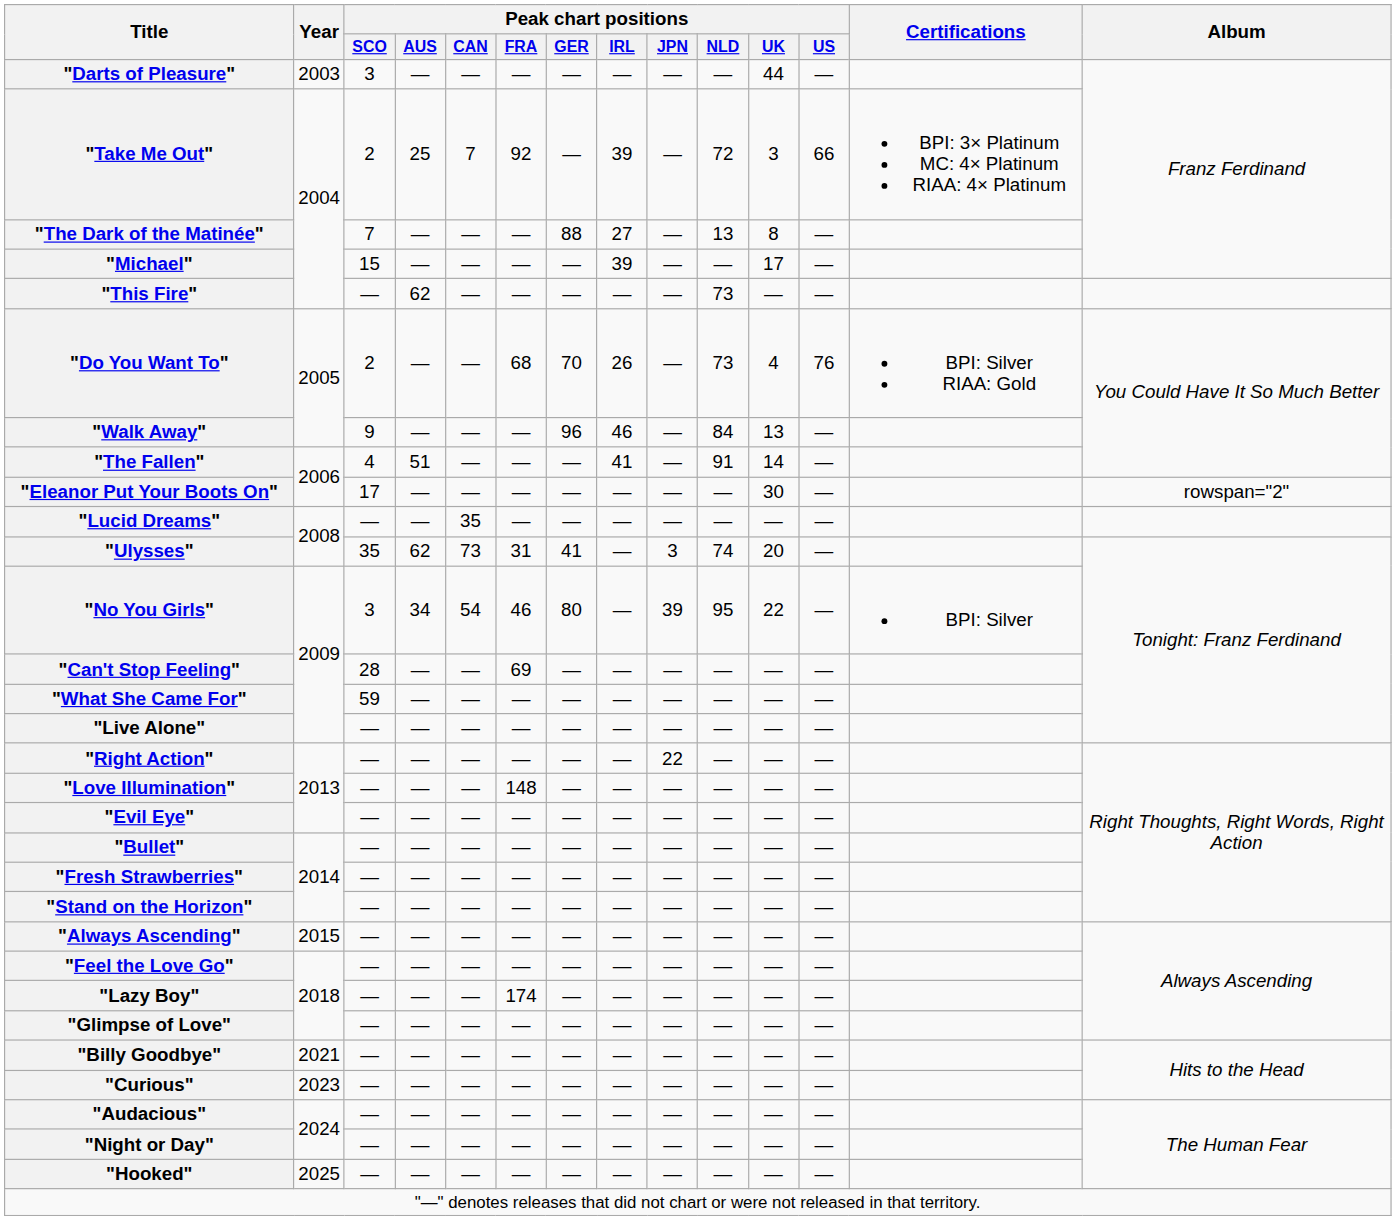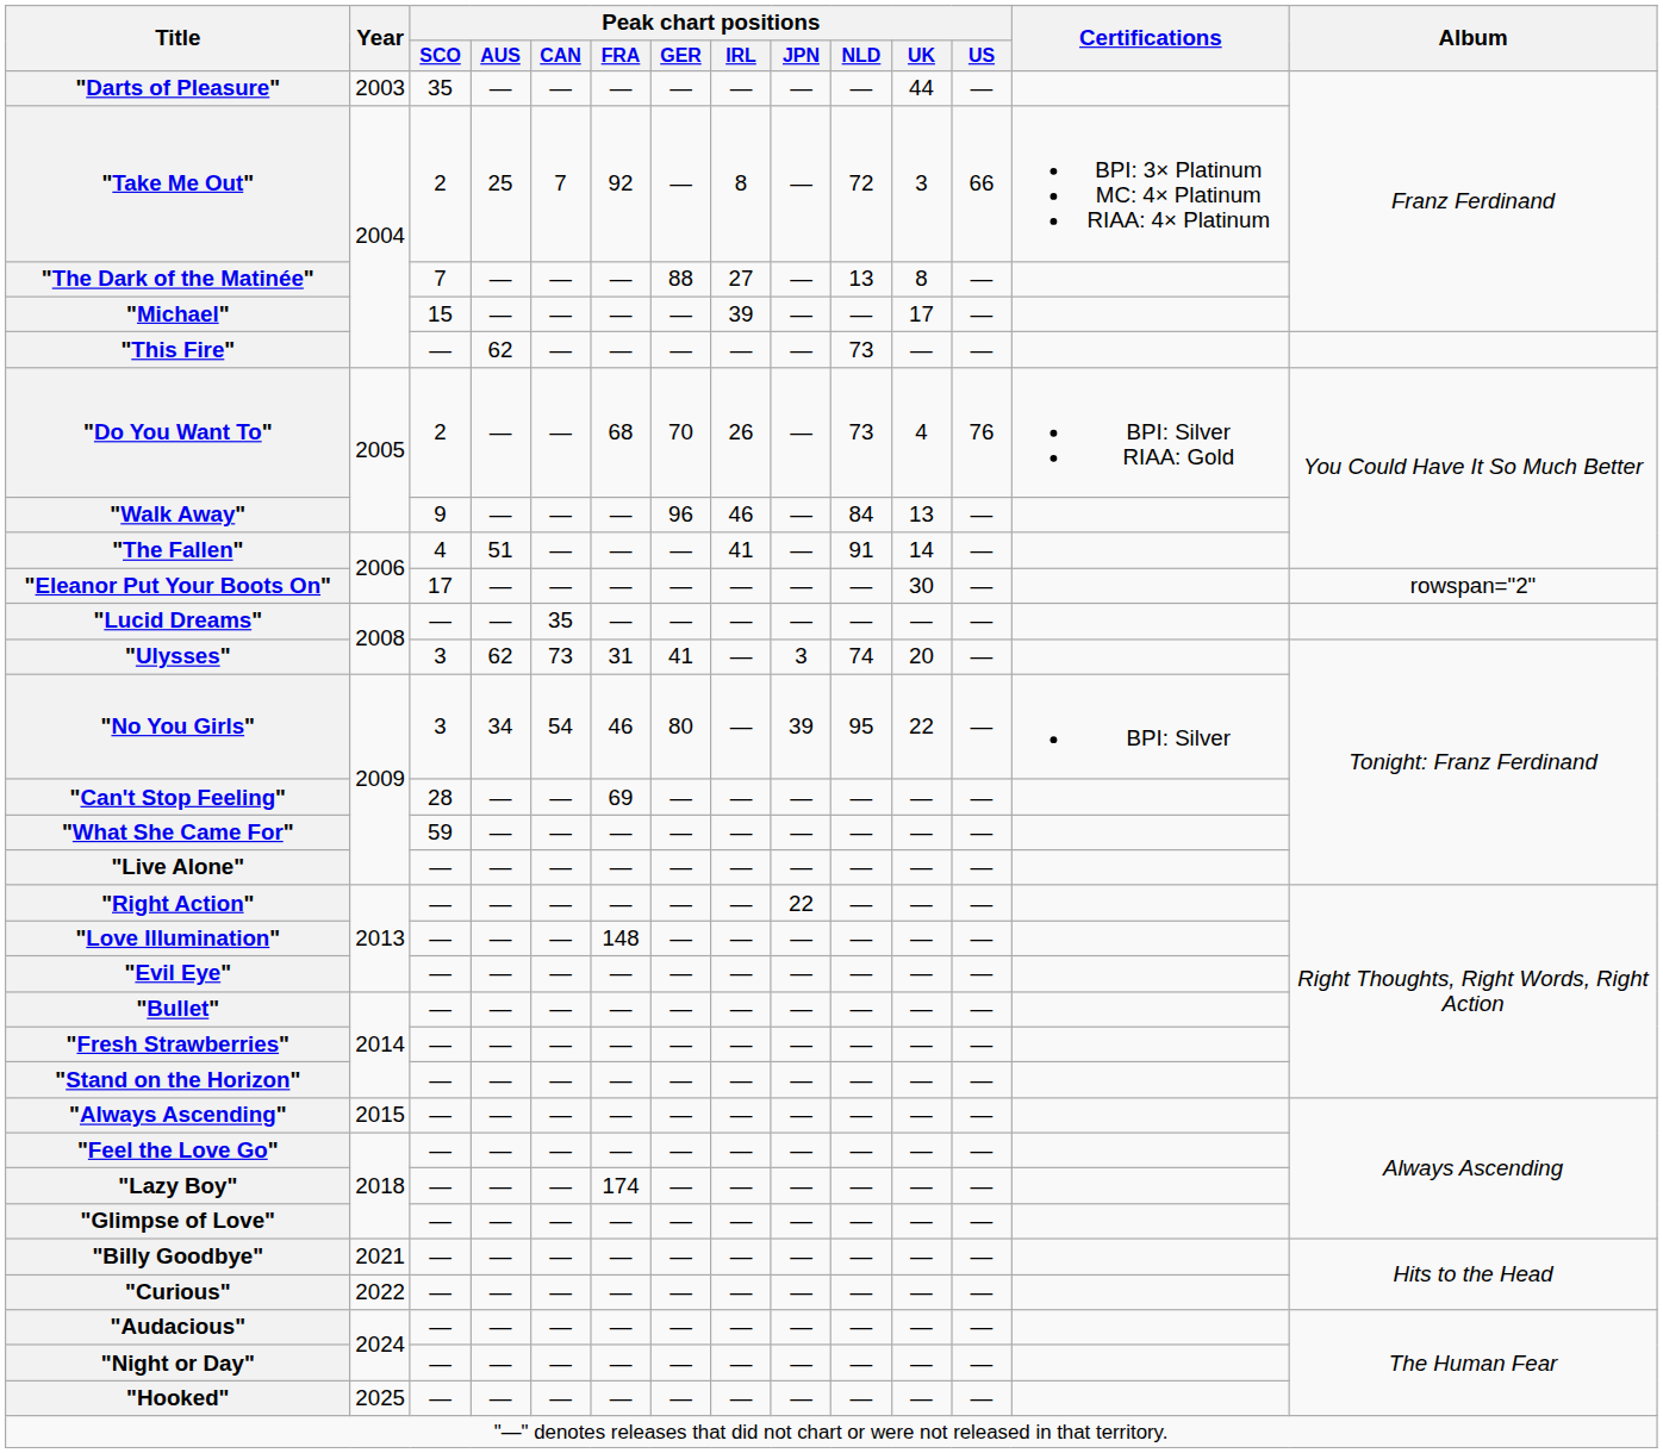 <table class="wikitable plainrowheaders" style="text-align:center;" border="1">
 <tr>
 <th scope="col" rowspan="2" style="width:15em;">Title</th>
 <th scope="col" rowspan="2">Year</th>
 <th scope="col" colspan="10">Peak chart positions</th>
 <th scope="col" rowspan="2" style="width:12em;"><a href='#'>Certifications</a></th>
 <th scope="col" rowspan="2" style="width:16em;">Album</th>
 </tr>
 <tr>
 <th scope="col" style="width:2.7em;font-size:85%;"><a href='#'>SCO</a><br></th>
 <th scope="col" style="width:2.7em;font-size:85%;"><a href='#'>AUS</a><br></th>
 <th scope="col" style="width:2.7em;font-size:85%;"><a href='#'>CAN</a><br></th>
 <th scope="col" style="width:2.7em;font-size:85%;"><a href='#'>FRA</a><br></th>
 <th scope="col" style="width:2.7em;font-size:85%;"><a href='#'>GER</a><br></th>
 <th scope="col" style="width:2.7em;font-size:85%;"><a href='#'>IRL</a><br></th>
 <th scope="col" style="width:2.7em;font-size:85%;"><a href='#'>JPN</a><br></th>
 <th scope="col" style="width:2.7em;font-size:85%;"><a href='#'>NLD</a><br></th>
 <th scope="col" style="width:2.7em;font-size:85%;"><a href='#'>UK</a><br></th>
 <th scope="col" style="width:2.7em;font-size:85%;"><a href='#'>US</a><br></th>
 </tr>
 <tr>
 <th scope="row">"<a href='#'>Darts of Pleasure</a>"</th>
 <td>2003</td>
-<td>3</td>
+<td>35</td>
 <td>—</td>
 <td>—</td>
 <td>—</td>
 <td>—</td>
 <td>—</td>
 <td>—</td>
 <td>—</td>
 <td>44</td>
 <td>—</td>
 <td></td>
 <td rowspan="4"><em>Franz Ferdinand</em></td>
 </tr>
 <tr>
 <th scope="row">"<a href='#'>Take Me Out</a>"</th>
 <td rowspan="4">2004</td>
 <td>2</td>
 <td>25</td>
 <td>7</td>
 <td>92</td>
 <td>—</td>
-<td>39</td>
+<td>8</td>
 <td>—</td>
 <td>72</td>
 <td>3</td>
 <td>66</td>
 <td><br><ul><li>BPI: 3× Platinum</li><li>MC: 4× Platinum</li><li>RIAA: 4× Platinum</li></ul></td>
 </tr>
 <tr>
 <th scope="row">"<a href='#'>The Dark of the Matinée</a>"</th>
 <td>7</td>
 <td>—</td>
 <td>—</td>
 <td>—</td>
 <td>88</td>
 <td>27</td>
 <td>—</td>
 <td>13</td>
 <td>8</td>
 <td>—</td>
 <td></td>
 </tr>
 <tr>
 <th scope="row">"<a href='#'>Michael</a>"</th>
 <td>15</td>
 <td>—</td>
 <td>—</td>
 <td>—</td>
 <td>—</td>
 <td>39</td>
 <td>—</td>
 <td>—</td>
 <td>17</td>
 <td>—</td>
 <td></td>
 </tr>
 <tr>
 <th scope="row">"<a href='#'>This Fire</a>"</th>
 <td>—</td>
 <td>62</td>
 <td>—</td>
 <td>—</td>
 <td>—</td>
 <td>—</td>
 <td>—</td>
 <td>73</td>
 <td>—</td>
 <td>—</td>
 <td></td>
 <td></td>
 </tr>
 <tr>
 <th scope="row">"<a href='#'>Do You Want To</a>"</th>
 <td rowspan="2">2005</td>
 <td>2</td>
 <td>—</td>
 <td>—</td>
 <td>68</td>
 <td>70</td>
 <td>26</td>
 <td>—</td>
 <td>73</td>
 <td>4</td>
 <td>76</td>
 <td><br><ul><li>BPI: Silver</li><li>RIAA: Gold</li></ul></td>
 <td rowspan="3"><em>You Could Have It So Much Better</em></td>
 </tr>
 <tr>
 <th scope="row">"<a href='#'>Walk Away</a>"</th>
 <td>9</td>
 <td>—</td>
 <td>—</td>
 <td>—</td>
 <td>96</td>
 <td>46</td>
 <td>—</td>
 <td>84</td>
 <td>13</td>
 <td>—</td>
 <td></td>
 </tr>
 <tr>
 <th scope="row">"<a href='#'>The Fallen</a>"</th>
 <td rowspan="2">2006</td>
 <td>4</td>
 <td>51</td>
 <td>—</td>
 <td>—</td>
 <td>—</td>
 <td>41</td>
 <td>—</td>
 <td>91</td>
 <td>14</td>
 <td>—</td>
 <td></td>
 </tr>
 <tr>
 <th scope="row">"<a href='#'>Eleanor Put Your Boots On</a>"</th>
 <td>17</td>
 <td>—</td>
 <td>—</td>
 <td>—</td>
 <td>—</td>
 <td>—</td>
 <td>—</td>
 <td>—</td>
 <td>30</td>
 <td>—</td>
 <td></td>
 <td>rowspan="2" </td>
 </tr>
 <tr>
 <th scope="row">"<a href='#'>Lucid Dreams</a>"</th>
 <td rowspan="2">2008</td>
 <td>—</td>
 <td>—</td>
 <td>35</td>
 <td>—</td>
 <td>—</td>
 <td>—</td>
 <td>—</td>
 <td>—</td>
 <td>—</td>
 <td>—</td>
 <td></td>
 </tr>
 <tr>
 <th scope="row">"<a href='#'>Ulysses</a>"</th>
-<td>35</td>
+<td>3</td>
 <td>62</td>
 <td>73</td>
 <td>31</td>
 <td>41</td>
 <td>—</td>
 <td>3</td>
 <td>74</td>
 <td>20</td>
 <td>—</td>
 <td></td>
 <td rowspan="5"><em>Tonight: Franz Ferdinand</em></td>
 </tr>
 <tr>
 <th scope="row">"<a href='#'>No You Girls</a>"</th>
 <td rowspan="4">2009</td>
 <td>3</td>
 <td>34</td>
 <td>54</td>
 <td>46</td>
 <td>80</td>
 <td>—</td>
 <td>39</td>
 <td>95</td>
 <td>22</td>
 <td>—</td>
 <td><br><ul><li>BPI: Silver</li></ul></td>
 </tr>
 <tr>
 <th scope="row">"<a href='#'>Can't Stop Feeling</a>"</th>
 <td>28</td>
 <td>—</td>
 <td>—</td>
 <td>69</td>
 <td>—</td>
 <td>—</td>
 <td>—</td>
 <td>—</td>
 <td>—</td>
 <td>—</td>
 <td></td>
 </tr>
 <tr>
 <th scope="row">"<a href='#'>What She Came For</a>"</th>
 <td>59</td>
 <td>—</td>
 <td>—</td>
 <td>—</td>
 <td>—</td>
 <td>—</td>
 <td>—</td>
 <td>—</td>
 <td>—</td>
 <td>—</td>
 <td></td>
 </tr>
 <tr>
 <th scope="row">"Live Alone"</th>
 <td>—</td>
 <td>—</td>
 <td>—</td>
 <td>—</td>
 <td>—</td>
 <td>—</td>
 <td>—</td>
 <td>—</td>
 <td>—</td>
 <td>—</td>
 <td></td>
 </tr>
 <tr>
 <th scope="row">"<a href='#'>Right Action</a>"</th>
 <td rowspan="3">2013</td>
 <td>—</td>
 <td>—</td>
 <td>—</td>
 <td>—</td>
 <td>—</td>
 <td>—</td>
 <td>22</td>
 <td>—</td>
 <td>—</td>
 <td>—</td>
 <td></td>
 <td rowspan="6"><em>Right Thoughts, Right Words, Right Action</em></td>
 </tr>
 <tr>
 <th scope="row">"<a href='#'>Love Illumination</a>"</th>
 <td>—</td>
 <td>—</td>
 <td>—</td>
 <td>148</td>
 <td>—</td>
 <td>—</td>
 <td>—</td>
 <td>—</td>
 <td>—</td>
 <td>—</td>
 <td></td>
 </tr>
 <tr>
 <th scope="row">"<a href='#'>Evil Eye</a>"</th>
 <td>—</td>
 <td>—</td>
 <td>—</td>
 <td>—</td>
 <td>—</td>
 <td>—</td>
 <td>—</td>
 <td>—</td>
 <td>—</td>
 <td>—</td>
 <td></td>
 </tr>
 <tr>
 <th scope="row">"<a href='#'>Bullet</a>"</th>
 <td rowspan="3">2014</td>
 <td>—</td>
 <td>—</td>
 <td>—</td>
 <td>—</td>
 <td>—</td>
 <td>—</td>
 <td>—</td>
 <td>—</td>
 <td>—</td>
 <td>—</td>
 <td></td>
 </tr>
 <tr>
 <th scope="row">"<a href='#'>Fresh Strawberries</a>"</th>
 <td>—</td>
 <td>—</td>
 <td>—</td>
 <td>—</td>
 <td>—</td>
 <td>—</td>
 <td>—</td>
 <td>—</td>
 <td>—</td>
 <td>—</td>
 <td></td>
 </tr>
 <tr>
 <th scope="row">"<a href='#'>Stand on the Horizon</a>"</th>
 <td>—</td>
 <td>—</td>
 <td>—</td>
 <td>—</td>
 <td>—</td>
 <td>—</td>
 <td>—</td>
 <td>—</td>
 <td>—</td>
 <td>—</td>
 <td></td>
 </tr>
 <tr>
 <th scope="row">"<a href='#'>Always Ascending</a>"</th>
 <td>2015</td>
 <td>—</td>
 <td>—</td>
 <td>—</td>
 <td>—</td>
 <td>—</td>
 <td>—</td>
 <td>—</td>
 <td>—</td>
 <td>—</td>
 <td>—</td>
 <td></td>
 <td rowspan="4"><em>Always Ascending</em></td>
 </tr>
 <tr>
 <th scope="row">"<a href='#'>Feel the Love Go</a>"</th>
 <td rowspan="3">2018</td>
 <td>—</td>
 <td>—</td>
 <td>—</td>
 <td>—</td>
 <td>—</td>
 <td>—</td>
 <td>—</td>
 <td>—</td>
 <td>—</td>
 <td>—</td>
 <td></td>
 </tr>
 <tr>
 <th scope="row">"Lazy Boy"</th>
 <td>—</td>
 <td>—</td>
 <td>—</td>
 <td>174</td>
 <td>—</td>
 <td>—</td>
 <td>—</td>
 <td>—</td>
 <td>—</td>
 <td>—</td>
 <td></td>
 </tr>
 <tr>
 <th scope="row">"Glimpse of Love"</th>
 <td>—</td>
 <td>—</td>
 <td>—</td>
 <td>—</td>
 <td>—</td>
 <td>—</td>
 <td>—</td>
 <td>—</td>
 <td>—</td>
 <td>—</td>
 <td></td>
 </tr>
 <tr>
 <th scope="row">"Billy Goodbye"</th>
 <td>2021</td>
 <td>—</td>
 <td>—</td>
 <td>—</td>
 <td>—</td>
 <td>—</td>
 <td>—</td>
 <td>—</td>
 <td>—</td>
 <td>—</td>
 <td>—</td>
 <td></td>
 <td rowspan="2"><em>Hits to the Head</em></td>
 </tr>
 <tr>
 <th scope="row">"Curious"</th>
-<td>2023</td>
+<td>2022</td>
 <td>—</td>
 <td>—</td>
 <td>—</td>
 <td>—</td>
 <td>—</td>
 <td>—</td>
 <td>—</td>
 <td>—</td>
 <td>—</td>
 <td>—</td>
 <td></td>
 </tr>
 <tr>
 <th scope="row">"Audacious"</th>
 <td rowspan="2">2024</td>
 <td>—</td>
 <td>—</td>
 <td>—</td>
 <td>—</td>
 <td>—</td>
 <td>—</td>
 <td>—</td>
 <td>—</td>
 <td>—</td>
 <td>—</td>
 <td></td>
 <td rowspan="3"><em>The Human Fear</em></td>
 </tr>
 <tr>
 <th scope="row">"Night or Day"</th>
 <td>—</td>
 <td>—</td>
 <td>—</td>
 <td>—</td>
 <td>—</td>
 <td>—</td>
 <td>—</td>
 <td>—</td>
 <td>—</td>
 <td>—</td>
 <td></td>
 </tr>
 <tr>
 <th scope="row">"Hooked"</th>
 <td>2025</td>
 <td>—</td>
 <td>—</td>
 <td>—</td>
 <td>—</td>
 <td>—</td>
 <td>—</td>
 <td>—</td>
 <td>—</td>
 <td>—</td>
 <td>—</td>
 <td></td>
 </tr>
 <tr>
 <td colspan="15" style="font-size:90%">"—" denotes releases that did not chart or were not released in that territory.</td>
 </tr>
 </table>
